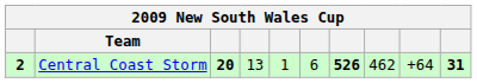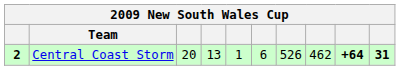 <table class="wikitable" style="text-align:center;">
 <tr>
 <th colspan="11">2009 New South Wales Cup</th>
 </tr>
 <tr>
 <th width="20"></th>
 <th>Team</th>
 <th width="20"></th>
 <th width="20"></th>
 <th width="20"></th>
 <th width="20"></th>
 <th width="25"></th>
 <th width="25"></th>
 <th width="30"></th>
 <th width="20"></th>
 </tr>
 <tr style="background: #ccffcc;">
 <td><strong>2</strong></td>
 <td style="text-align:left;"> <a href='#'>Central Coast Storm</a></td>
-<td><strong>20</strong></td>
+<td>20</td>
 <td>13</td>
 <td>1</td>
 <td>6</td>
-<td><strong>526</strong></td>
+<td>526</td>
 <td>462</td>
-<td>+64</td>
+<td><strong>+64</strong></td>
 <td><strong>31</strong></td>
 </tr>
 </table>
